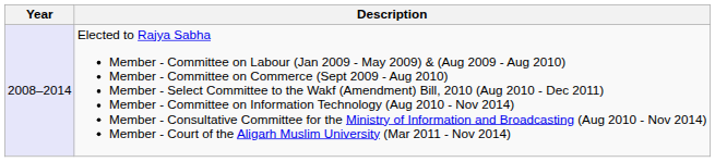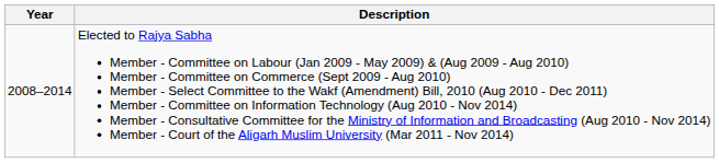 <table class="wikitable">
 <tr>
 <th>Year</th>
 <th>Description</th>
 </tr>
 <tr>
-<td style="background: lavender;">2008–2014</td>
+<td>2008–2014</td>
 <td>Elected to <a href='#'>Rajya Sabha</a><br><ul><li>Member - Committee on Labour (Jan 2009 - May 2009) & (Aug 2009 - Aug 2010)</li><li>Member - Committee on Commerce (Sept 2009 - Aug 2010)</li><li>Member - Select Committee to the Wakf (Amendment) Bill, 2010 (Aug 2010 - Dec 2011)</li><li>Member - Committee on Information Technology (Aug 2010 - Nov 2014)</li><li>Member - Consultative Committee for the <a href='#'>Ministry of Information and Broadcasting</a> (Aug 2010 - Nov 2014)</li><li>Member - Court of the <a href='#'>Aligarh Muslim University</a> (Mar 2011 - Nov 2014)</li></ul></td>
 </tr>
 </table>
